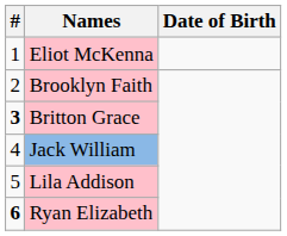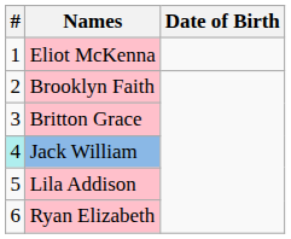 <table class="wikitable">
 <tr>
 <th>#</th>
 <th>Names</th>
 <th>Date of Birth</th>
 </tr>
 <tr>
 <td>1</td>
 <td style="background:pink;">Eliot McKenna</td>
 <td></td>
 </tr>
 <tr>
 <td>2</td>
 <td style="background:pink;">Brooklyn Faith</td>
 <td rowspan="5"></td>
 </tr>
 <tr>
-<td><strong>3</strong></td>
+<td>3</td>
 <td style="background:pink;">Britton Grace</td>
 </tr>
 <tr>
-<td>4</td>
+<td style="background: paleturquoise;">4</td>
 <td style="background:#8ab8e6;">Jack William</td>
 </tr>
 <tr>
 <td>5</td>
 <td style="background:pink;">Lila Addison</td>
 </tr>
 <tr>
-<td><strong>6</strong></td>
+<td>6</td>
 <td style="background:pink;">Ryan Elizabeth</td>
 </tr>
 </table>
